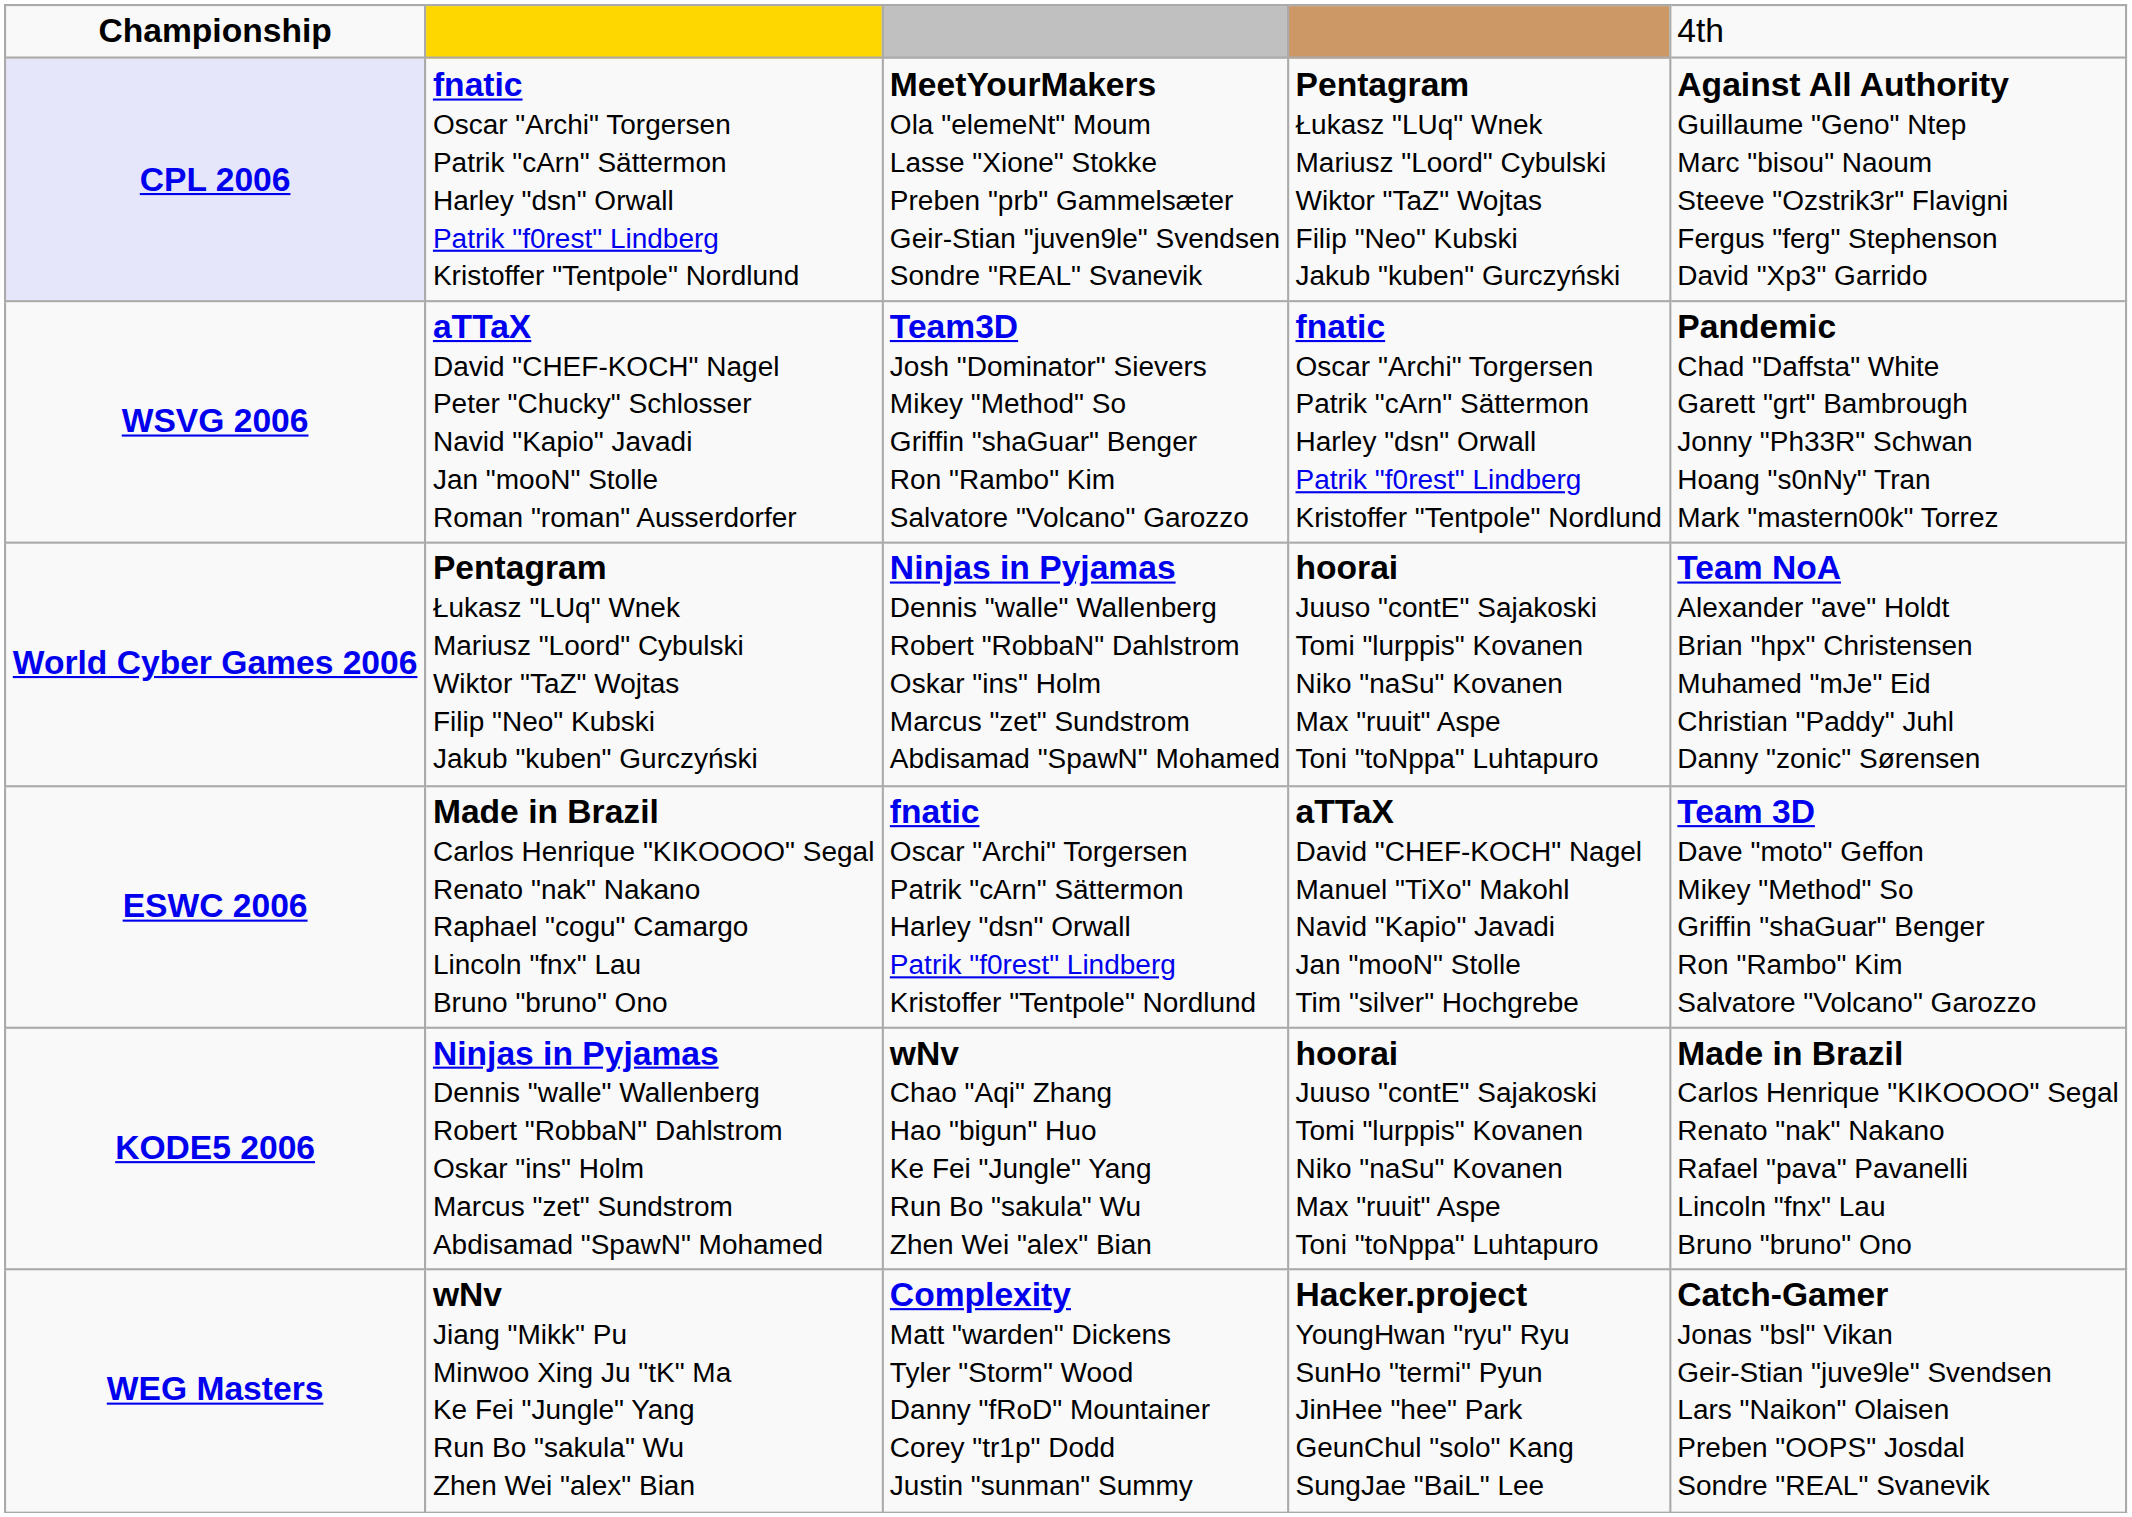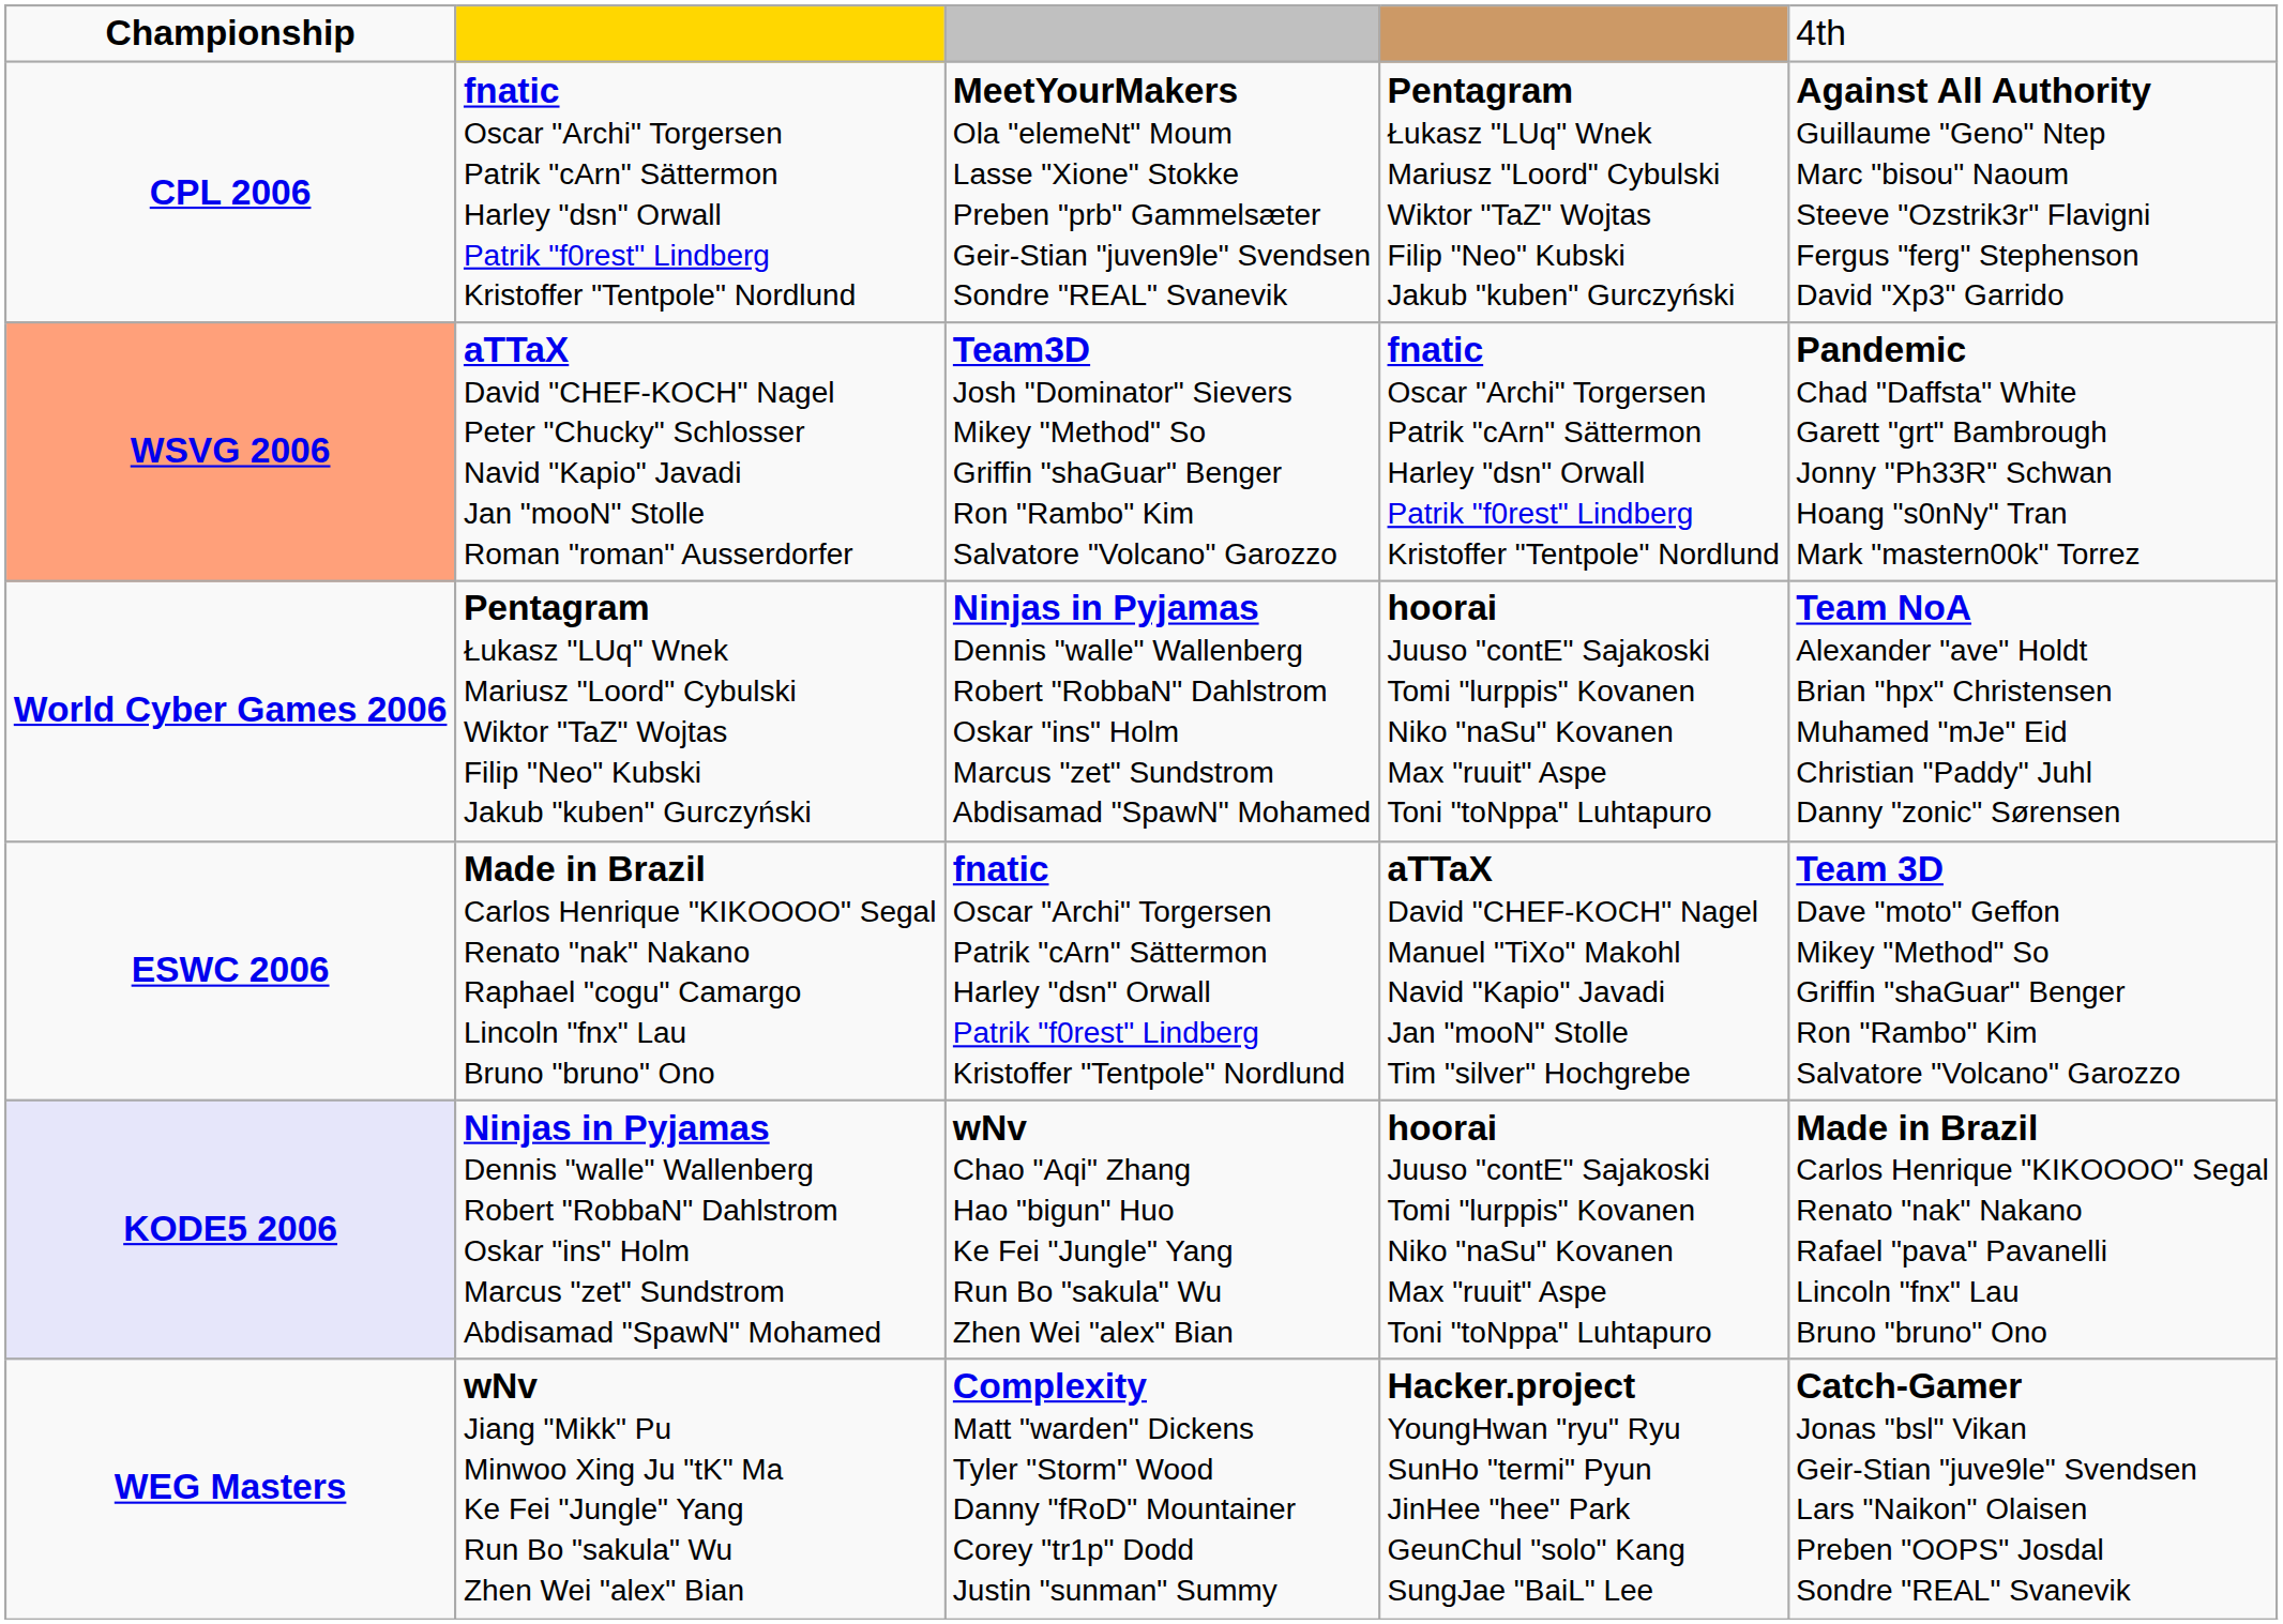 <table class="wikitable" style="text-align:left">
 <tr>
 <td style="text-align:center"><strong>Championship</strong></td>
 <td style="text-align:center" bgcolor="gold"></td>
 <td style="text-align:center" bgcolor="silver"></td>
 <td style="text-align:center" bgcolor="CC9966"></td>
 <td>4th</td>
 </tr>
 <tr>
-<td style="background: lavender; text-align:center"><strong><a href='#'>CPL 2006</a></strong></td>
+<td style="text-align:center"><strong><a href='#'>CPL 2006</a></strong></td>
 <td> <strong><a href='#'>fnatic</a></strong><br><small> Oscar "Archi" Torgersen<br> Patrik "cArn" Sättermon<br> Harley "dsn" Orwall<br> <a href='#'>Patrik "f0rest" Lindberg</a><br> Kristoffer "Tentpole" Nordlund</small></td>
 <td> <strong>MeetYourMakers</strong><br><small> Ola "elemeNt" Moum<br> Lasse "Xione" Stokke<br> Preben "prb" Gammelsæter<br> Geir-Stian "juven9le" Svendsen<br> Sondre "REAL" Svanevik</small></td>
 <td> <strong>Pentagram</strong><br><small> Łukasz "LUq" Wnek<br> Mariusz "Loord" Cybulski<br> Wiktor "TaZ" Wojtas<br> Filip "Neo" Kubski<br> Jakub "kuben" Gurczyński</small></td>
 <td> <strong>Against All Authority</strong><br><small> Guillaume "Geno" Ntep<br> Marc "bisou" Naoum<br> Steeve "Ozstrik3r" Flavigni<br> Fergus "ferg" Stephenson<br> David "Xp3" Garrido</small></td>
 </tr>
 <tr>
-<td style="text-align:center"><strong><a href='#'>WSVG 2006</a></strong></td>
+<td style="background: lightsalmon; text-align:center"><strong><a href='#'>WSVG 2006</a></strong></td>
 <td> <strong><a href='#'>aTTaX</a></strong><br><small> David "CHEF-KOCH" Nagel<br> Peter "Chucky" Schlosser<br> Navid "Kapio" Javadi<br> Jan "mooN" Stolle<br> Roman "roman" Ausserdorfer</small></td>
 <td> <strong><a href='#'>Team3D</a></strong><br><small> Josh "Dominator" Sievers<br> Mikey "Method" So<br> Griffin "shaGuar" Benger<br> Ron "Rambo" Kim<br> Salvatore "Volcano" Garozzo</small></td>
 <td> <strong><a href='#'>fnatic</a></strong><br><small> Oscar "Archi" Torgersen<br> Patrik "cArn" Sättermon<br> Harley "dsn" Orwall<br> <a href='#'>Patrik "f0rest" Lindberg</a><br> Kristoffer "Tentpole" Nordlund</small></td>
 <td> <strong>Pandemic</strong><br><small> Chad "Daffsta" White<br> Garett "grt" Bambrough<br> Jonny "Ph33R" Schwan<br> Hoang "s0nNy" Tran<br> Mark "mastern00k" Torrez</small></td>
 </tr>
 <tr>
 <td style="text-align:center"><strong><a href='#'>World Cyber Games 2006</a></strong></td>
 <td> <strong>Pentagram</strong><br><small> Łukasz "LUq" Wnek<br> Mariusz "Loord" Cybulski<br> Wiktor "TaZ" Wojtas<br> Filip "Neo" Kubski<br> Jakub "kuben" Gurczyński</small></td>
 <td> <strong><a href='#'>Ninjas in Pyjamas</a></strong><br><small> Dennis "walle" Wallenberg<br> Robert "RobbaN" Dahlstrom<br> Oskar "ins" Holm<br> Marcus "zet" Sundstrom<br> Abdisamad "SpawN" Mohamed</small></td>
 <td> <strong>hoorai</strong><br><small> Juuso "contE" Sajakoski<br> Tomi "lurppis" Kovanen<br> Niko "naSu" Kovanen<br> Max "ruuit" Aspe<br> Toni "toNppa" Luhtapuro</small></td>
 <td> <strong><a href='#'>Team NoA</a></strong><br><small> Alexander "ave" Holdt<br> Brian "hpx" Christensen<br> Muhamed "mJe" Eid<br> Christian "Paddy" Juhl<br> Danny "zonic" Sørensen</small></td>
 </tr>
 <tr>
 <td style="text-align:center"><strong><a href='#'>ESWC 2006</a></strong></td>
 <td> <strong>Made in Brazil</strong><br><small> Carlos Henrique "KIKOOOO" Segal<br> Renato "nak" Nakano<br> Raphael "cogu" Camargo<br> Lincoln "fnx" Lau<br> Bruno "bruno" Ono</small></td>
 <td> <strong><a href='#'>fnatic</a></strong><br><small> Oscar "Archi" Torgersen<br> Patrik "cArn" Sättermon<br> Harley "dsn" Orwall<br> <a href='#'>Patrik "f0rest" Lindberg</a><br> Kristoffer "Tentpole" Nordlund</small></td>
 <td> <strong>aTTaX</strong><br><small> David "CHEF-KOCH" Nagel<br> Manuel "TiXo" Makohl<br> Navid "Kapio" Javadi<br> Jan "mooN" Stolle<br> Tim "silver" Hochgrebe</small></td>
 <td> <strong><a href='#'>Team 3D</a></strong><br><small> Dave "moto" Geffon<br> Mikey "Method" So<br> Griffin "shaGuar" Benger<br> Ron "Rambo" Kim<br> Salvatore "Volcano" Garozzo</small></td>
 </tr>
 <tr>
-<td style="text-align:center"><strong><a href='#'>KODE5 2006</a></strong></td>
+<td style="background: lavender; text-align:center"><strong><a href='#'>KODE5 2006</a></strong></td>
 <td> <strong><a href='#'>Ninjas in Pyjamas</a></strong><br><small> Dennis "walle" Wallenberg<br> Robert "RobbaN" Dahlstrom<br> Oskar "ins" Holm<br> Marcus "zet" Sundstrom<br> Abdisamad "SpawN" Mohamed</small></td>
 <td> <strong>wNv</strong><br><small> Chao "Aqi" Zhang<br> Hao "bigun" Huo<br> Ke Fei "Jungle" Yang<br> Run Bo "sakula" Wu<br> Zhen Wei "alex" Bian</small></td>
 <td> <strong>hoorai</strong><br><small> Juuso "contE" Sajakoski<br> Tomi "lurppis" Kovanen<br> Niko "naSu" Kovanen<br> Max "ruuit" Aspe<br> Toni "toNppa" Luhtapuro</small></td>
 <td> <strong>Made in Brazil</strong><br><small> Carlos Henrique "KIKOOOO" Segal<br> Renato "nak" Nakano<br> Rafael "pava" Pavanelli<br> Lincoln "fnx" Lau<br> Bruno "bruno" Ono</small></td>
 </tr>
 <tr>
 <td style="text-align:center"><strong><a href='#'>WEG Masters</a></strong></td>
 <td> <strong>wNv</strong><br><small> Jiang "Mikk" Pu<br> Minwoo Xing Ju "tK" Ma<br> Ke Fei "Jungle" Yang<br> Run Bo "sakula" Wu<br> Zhen Wei "alex" Bian</small></td>
 <td> <strong><a href='#'>Complexity</a></strong><br><small> Matt "warden" Dickens<br> Tyler "Storm" Wood<br> Danny "fRoD" Mountainer<br> Corey "tr1p" Dodd<br> Justin "sunman" Summy</small></td>
 <td> <strong>Hacker.project</strong><br><small> YoungHwan "ryu" Ryu<br> SunHo "termi" Pyun<br> JinHee "hee" Park<br> GeunChul "solo" Kang<br> SungJae "BaiL" Lee</small></td>
 <td> <strong>Catch-Gamer</strong><br><small> Jonas "bsl" Vikan<br> Geir-Stian "juve9le" Svendsen<br> Lars "Naikon" Olaisen<br> Preben "OOPS" Josdal<br>  Sondre "REAL" Svanevik</small></td>
 </tr>
 <tr>
 </tr>
 </table>
